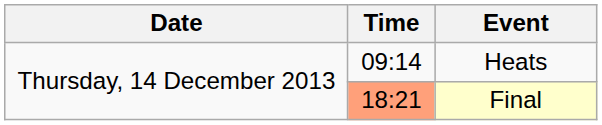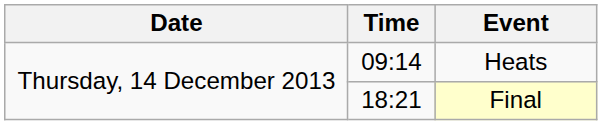 <table class = "wikitable" style="text-align:center;">
 <tr>
 <th width=220>Date</th>
 <th width=50>Time</th>
 <th width=100>Event</th>
 </tr>
 <tr>
 <td rowspan=2>Thursday, 14 December 2013</td>
 <td>09:14</td>
 <td>Heats</td>
 </tr>
 <tr>
-<td style="background: lightsalmon;">18:21</td>
+<td>18:21</td>
 <td bgcolor=ffffcc>Final</td>
 </tr>
 </table>
